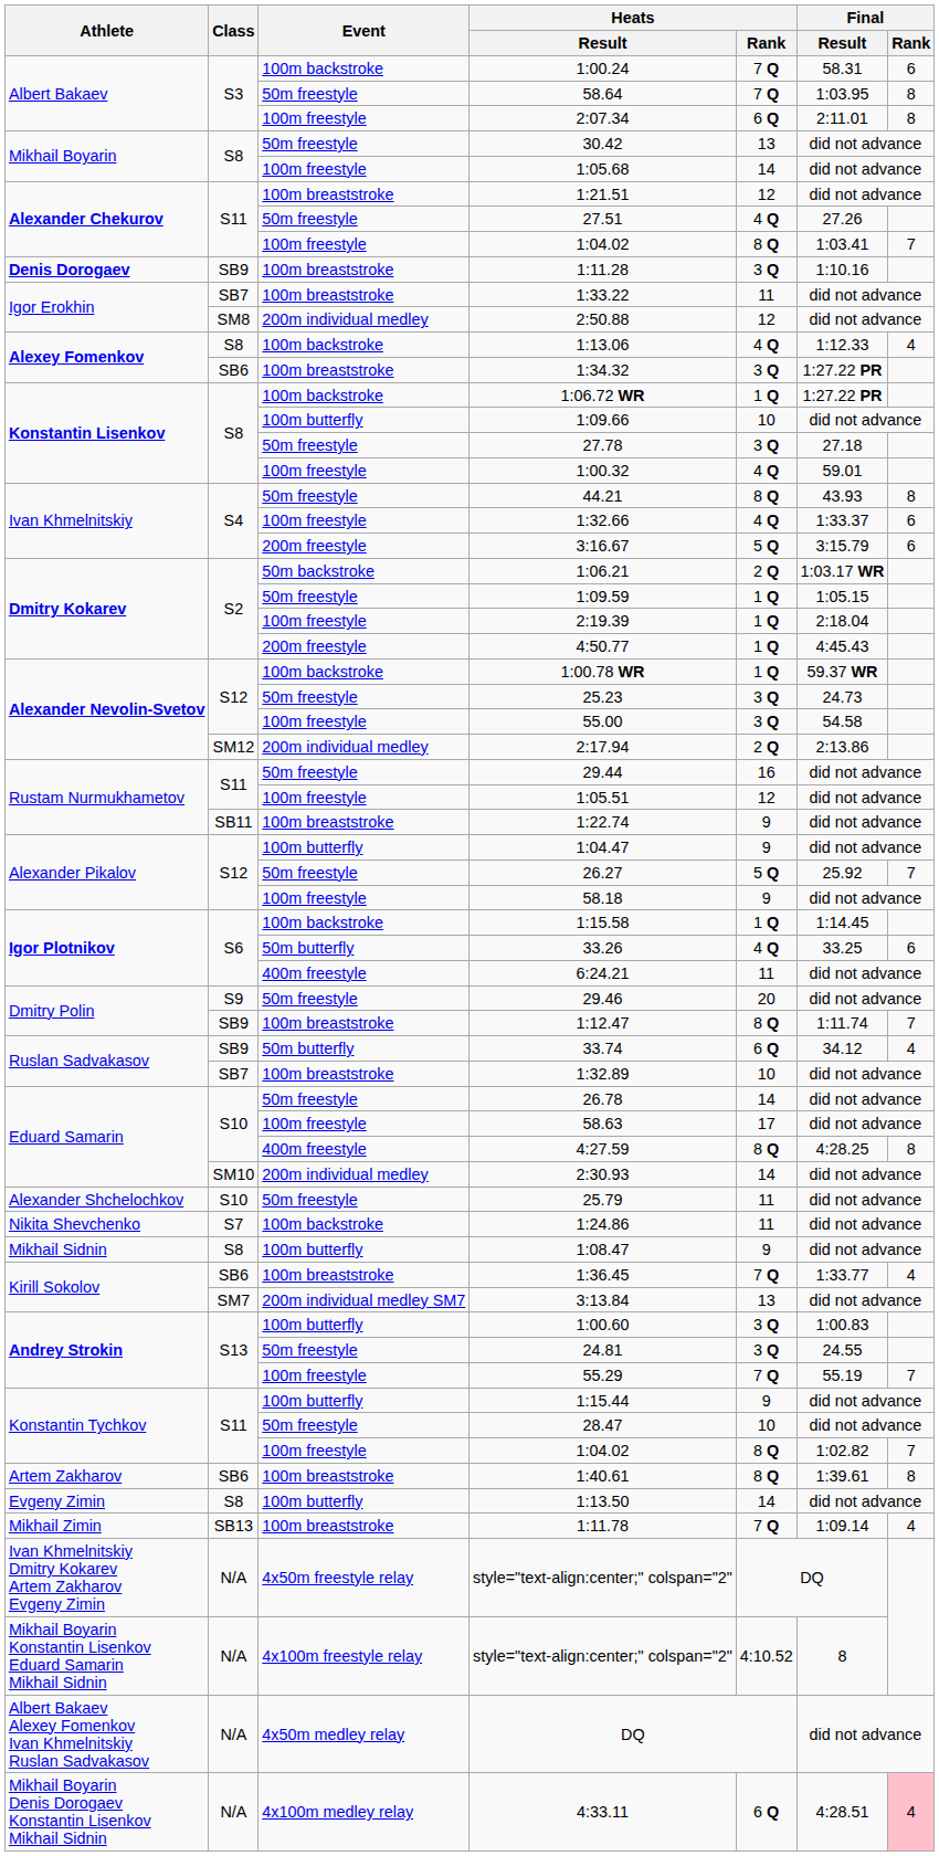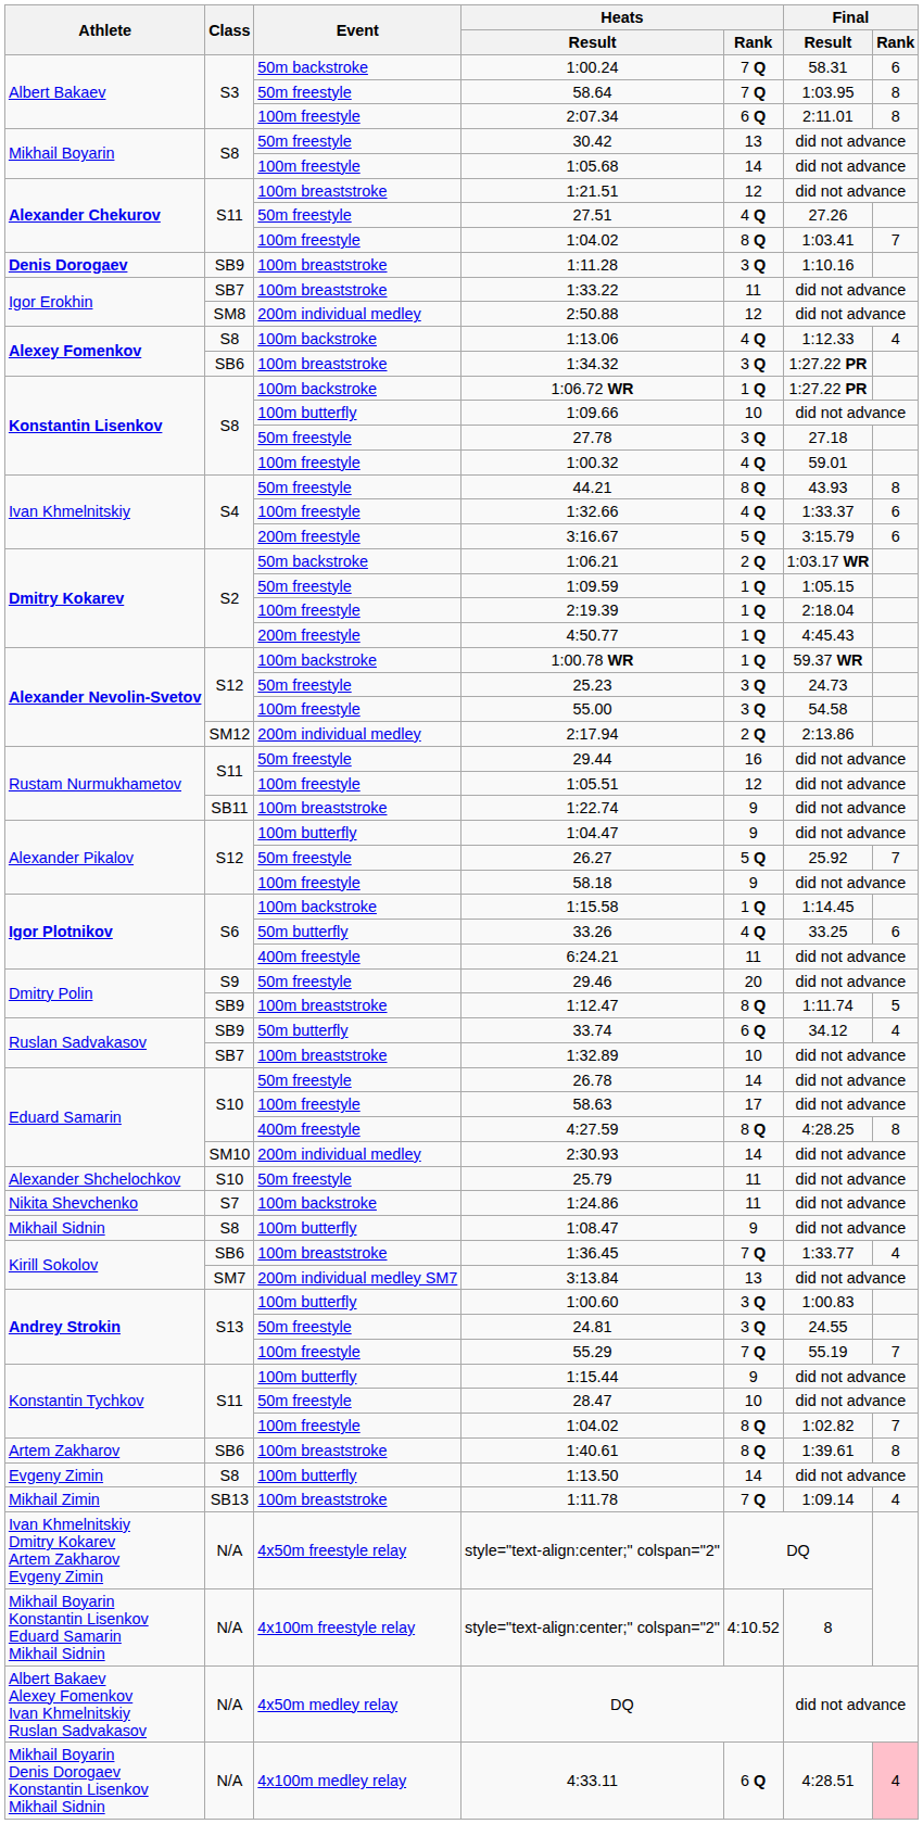 <table class=wikitable style="font-size:90%">
 <tr>
 <th rowspan="2">Athlete</th>
 <th rowspan="2">Class</th>
 <th rowspan="2">Event</th>
 <th colspan="2">Heats</th>
 <th colspan="2">Final</th>
 </tr>
 <tr>
 <th>Result</th>
 <th>Rank</th>
 <th>Result</th>
 <th>Rank</th>
 </tr>
 <tr>
 <td rowspan="3"><a href='#'>Albert Bakaev</a></td>
 <td rowspan="3" style="text-align:center;">S3</td>
-<td><a href='#'>100m backstroke</a></td>
+<td><a href='#'>50m backstroke</a></td>
 <td style="text-align:center;">1:00.24</td>
 <td style="text-align:center;">7 <strong>Q</strong></td>
 <td style="text-align:center;">58.31</td>
 <td style="text-align:center;">6</td>
 </tr>
 <tr>
 <td><a href='#'>50m freestyle</a></td>
 <td style="text-align:center;">58.64</td>
 <td style="text-align:center;">7 <strong>Q</strong></td>
 <td style="text-align:center;">1:03.95</td>
 <td style="text-align:center;">8</td>
 </tr>
 <tr>
 <td><a href='#'>100m freestyle</a></td>
 <td style="text-align:center;">2:07.34</td>
 <td style="text-align:center;">6 <strong>Q</strong></td>
 <td style="text-align:center;">2:11.01</td>
 <td style="text-align:center;">8</td>
 </tr>
 <tr>
 <td rowspan="2"><a href='#'>Mikhail Boyarin</a></td>
 <td rowspan="2" style="text-align:center;">S8</td>
 <td><a href='#'>50m freestyle</a></td>
 <td style="text-align:center;">30.42</td>
 <td style="text-align:center;">13</td>
 <td style="text-align:center;" colspan="2">did not advance</td>
 </tr>
 <tr>
 <td><a href='#'>100m freestyle</a></td>
 <td style="text-align:center;">1:05.68</td>
 <td style="text-align:center;">14</td>
 <td style="text-align:center;" colspan="2">did not advance</td>
 </tr>
 <tr>
 <td rowspan="3"><strong><a href='#'>Alexander Chekurov</a></strong></td>
 <td rowspan="3" style="text-align:center;">S11</td>
 <td><a href='#'>100m breaststroke</a></td>
 <td style="text-align:center;">1:21.51</td>
 <td style="text-align:center;">12</td>
 <td style="text-align:center;" colspan="2">did not advance</td>
 </tr>
 <tr>
 <td><a href='#'>50m freestyle</a></td>
 <td style="text-align:center;">27.51</td>
 <td style="text-align:center;">4 <strong>Q</strong></td>
 <td style="text-align:center;">27.26</td>
 <td style="text-align:center;"></td>
 </tr>
 <tr>
 <td><a href='#'>100m freestyle</a></td>
 <td style="text-align:center;">1:04.02</td>
 <td style="text-align:center;">8 <strong>Q</strong></td>
 <td style="text-align:center;">1:03.41</td>
 <td style="text-align:center;">7</td>
 </tr>
 <tr>
 <td><strong><a href='#'>Denis Dorogaev</a></strong></td>
 <td style="text-align:center;">SB9</td>
 <td><a href='#'>100m breaststroke</a></td>
 <td style="text-align:center;">1:11.28</td>
 <td style="text-align:center;">3 <strong>Q</strong></td>
 <td style="text-align:center;">1:10.16</td>
 <td style="text-align:center;"></td>
 </tr>
 <tr>
 <td rowspan="2"><a href='#'>Igor Erokhin</a></td>
 <td style="text-align:center;">SB7</td>
 <td><a href='#'>100m breaststroke</a></td>
 <td style="text-align:center;">1:33.22</td>
 <td style="text-align:center;">11</td>
 <td style="text-align:center;" colspan="2">did not advance</td>
 </tr>
 <tr>
 <td style="text-align:center;">SM8</td>
 <td><a href='#'>200m individual medley</a></td>
 <td style="text-align:center;">2:50.88</td>
 <td style="text-align:center;">12</td>
 <td style="text-align:center;" colspan="2">did not advance</td>
 </tr>
 <tr>
 <td rowspan="2"><strong><a href='#'>Alexey Fomenkov</a></strong></td>
 <td style="text-align:center;">S8</td>
 <td><a href='#'>100m backstroke</a></td>
 <td style="text-align:center;">1:13.06</td>
 <td style="text-align:center;">4 <strong>Q</strong></td>
 <td style="text-align:center;">1:12.33</td>
 <td style="text-align:center;">4</td>
 </tr>
 <tr>
 <td style="text-align:center;">SB6</td>
 <td><a href='#'>100m breaststroke</a></td>
 <td style="text-align:center;">1:34.32</td>
 <td style="text-align:center;">3 <strong>Q</strong></td>
 <td style="text-align:center;">1:27.22 <strong>PR</strong></td>
 <td style="text-align:center;"></td>
 </tr>
 <tr>
 <td rowspan="4"><strong><a href='#'>Konstantin Lisenkov</a></strong></td>
 <td rowspan="4" style="text-align:center;">S8</td>
 <td><a href='#'>100m backstroke</a></td>
 <td style="text-align:center;">1:06.72 <strong>WR</strong></td>
 <td style="text-align:center;">1 <strong>Q</strong></td>
 <td style="text-align:center;">1:27.22 <strong>PR</strong></td>
 <td style="text-align:center;"></td>
 </tr>
 <tr>
 <td><a href='#'>100m butterfly</a></td>
 <td style="text-align:center;">1:09.66</td>
 <td style="text-align:center;">10</td>
 <td style="text-align:center;" colspan="2">did not advance</td>
 </tr>
 <tr>
 <td><a href='#'>50m freestyle</a></td>
 <td style="text-align:center;">27.78</td>
 <td style="text-align:center;">3 <strong>Q</strong></td>
 <td style="text-align:center;">27.18</td>
 <td style="text-align:center;"></td>
 </tr>
 <tr>
 <td><a href='#'>100m freestyle</a></td>
 <td style="text-align:center;">1:00.32</td>
 <td style="text-align:center;">4 <strong>Q</strong></td>
 <td style="text-align:center;">59.01</td>
 <td style="text-align:center;"></td>
 </tr>
 <tr>
 <td rowspan="3"><a href='#'>Ivan Khmelnitskiy</a></td>
 <td rowspan="3" style="text-align:center;">S4</td>
 <td><a href='#'>50m freestyle</a></td>
 <td style="text-align:center;">44.21</td>
 <td style="text-align:center;">8 <strong>Q</strong></td>
 <td style="text-align:center;">43.93</td>
 <td style="text-align:center;">8</td>
 </tr>
 <tr>
 <td><a href='#'>100m freestyle</a></td>
 <td style="text-align:center;">1:32.66</td>
 <td style="text-align:center;">4 <strong>Q</strong></td>
 <td style="text-align:center;">1:33.37</td>
 <td style="text-align:center;">6</td>
 </tr>
 <tr>
 <td><a href='#'>200m freestyle</a></td>
 <td style="text-align:center;">3:16.67</td>
 <td style="text-align:center;">5 <strong>Q</strong></td>
 <td style="text-align:center;">3:15.79</td>
 <td style="text-align:center;">6</td>
 </tr>
 <tr>
 <td rowspan="4"><strong><a href='#'>Dmitry Kokarev</a></strong></td>
 <td rowspan="4" style="text-align:center;">S2</td>
 <td><a href='#'>50m backstroke</a></td>
 <td style="text-align:center;">1:06.21</td>
 <td style="text-align:center;">2 <strong>Q</strong></td>
 <td style="text-align:center;">1:03.17 <strong>WR</strong></td>
 <td style="text-align:center;"></td>
 </tr>
 <tr>
 <td><a href='#'>50m freestyle</a></td>
 <td style="text-align:center;">1:09.59</td>
 <td style="text-align:center;">1 <strong>Q</strong></td>
 <td style="text-align:center;">1:05.15</td>
 <td style="text-align:center;"></td>
 </tr>
 <tr>
 <td><a href='#'>100m freestyle</a></td>
 <td style="text-align:center;">2:19.39</td>
 <td style="text-align:center;">1 <strong>Q</strong></td>
 <td style="text-align:center;">2:18.04</td>
 <td style="text-align:center;"></td>
 </tr>
 <tr>
 <td><a href='#'>200m freestyle</a></td>
 <td style="text-align:center;">4:50.77</td>
 <td style="text-align:center;">1 <strong>Q</strong></td>
 <td style="text-align:center;">4:45.43</td>
 <td style="text-align:center;"></td>
 </tr>
 <tr>
 <td rowspan="4"><strong><a href='#'>Alexander Nevolin-Svetov</a></strong></td>
 <td rowspan="3" style="text-align:center;">S12</td>
 <td><a href='#'>100m backstroke</a></td>
 <td style="text-align:center;">1:00.78 <strong>WR</strong></td>
 <td style="text-align:center;">1 <strong>Q</strong></td>
 <td style="text-align:center;">59.37 <strong>WR</strong></td>
 <td style="text-align:center;"></td>
 </tr>
 <tr>
 <td><a href='#'>50m freestyle</a></td>
 <td style="text-align:center;">25.23</td>
 <td style="text-align:center;">3 <strong>Q</strong></td>
 <td style="text-align:center;">24.73</td>
 <td style="text-align:center;"></td>
 </tr>
 <tr>
 <td><a href='#'>100m freestyle</a></td>
 <td style="text-align:center;">55.00</td>
 <td style="text-align:center;">3 <strong>Q</strong></td>
 <td style="text-align:center;">54.58</td>
 <td style="text-align:center;"></td>
 </tr>
 <tr>
 <td style="text-align:center;">SM12</td>
 <td><a href='#'>200m individual medley</a></td>
 <td style="text-align:center;">2:17.94</td>
 <td style="text-align:center;">2 <strong>Q</strong></td>
 <td style="text-align:center;">2:13.86</td>
 <td style="text-align:center;"></td>
 </tr>
 <tr>
 <td rowspan="3"><a href='#'>Rustam Nurmukhametov</a></td>
 <td rowspan="2" style="text-align:center;">S11</td>
 <td><a href='#'>50m freestyle</a></td>
 <td style="text-align:center;">29.44</td>
 <td style="text-align:center;">16</td>
 <td style="text-align:center;" colspan="2">did not advance</td>
 </tr>
 <tr>
 <td><a href='#'>100m freestyle</a></td>
 <td style="text-align:center;">1:05.51</td>
 <td style="text-align:center;">12</td>
 <td style="text-align:center;" colspan="2">did not advance</td>
 </tr>
 <tr>
 <td style="text-align:center;">SB11</td>
 <td><a href='#'>100m breaststroke</a></td>
 <td style="text-align:center;">1:22.74</td>
 <td style="text-align:center;">9</td>
 <td style="text-align:center;" colspan="2">did not advance</td>
 </tr>
 <tr>
 <td rowspan="3"><a href='#'>Alexander Pikalov</a></td>
 <td rowspan="3" style="text-align:center;">S12</td>
 <td><a href='#'>100m butterfly</a></td>
 <td style="text-align:center;">1:04.47</td>
 <td style="text-align:center;">9</td>
 <td style="text-align:center;" colspan="2">did not advance</td>
 </tr>
 <tr>
 <td><a href='#'>50m freestyle</a></td>
 <td style="text-align:center;">26.27</td>
 <td style="text-align:center;">5 <strong>Q</strong></td>
 <td style="text-align:center;">25.92</td>
 <td style="text-align:center;">7</td>
 </tr>
 <tr>
 <td><a href='#'>100m freestyle</a></td>
 <td style="text-align:center;">58.18</td>
 <td style="text-align:center;">9</td>
 <td style="text-align:center;" colspan="2">did not advance</td>
 </tr>
 <tr>
 <td rowspan="3"><strong><a href='#'>Igor Plotnikov</a></strong></td>
 <td rowspan="3" style="text-align:center;">S6</td>
 <td><a href='#'>100m backstroke</a></td>
 <td style="text-align:center;">1:15.58</td>
 <td style="text-align:center;">1 <strong>Q</strong></td>
 <td style="text-align:center;">1:14.45</td>
 <td style="text-align:center;"></td>
 </tr>
 <tr>
 <td><a href='#'>50m butterfly</a></td>
 <td style="text-align:center;">33.26</td>
 <td style="text-align:center;">4 <strong>Q</strong></td>
 <td style="text-align:center;">33.25</td>
 <td style="text-align:center;">6</td>
 </tr>
 <tr>
 <td><a href='#'>400m freestyle</a></td>
 <td style="text-align:center;">6:24.21</td>
 <td style="text-align:center;">11</td>
 <td style="text-align:center;" colspan="2">did not advance</td>
 </tr>
 <tr>
 <td rowspan="2"><a href='#'>Dmitry Polin</a></td>
 <td style="text-align:center;">S9</td>
 <td><a href='#'>50m freestyle</a></td>
 <td style="text-align:center;">29.46</td>
 <td style="text-align:center;">20</td>
 <td style="text-align:center;" colspan="2">did not advance</td>
 </tr>
 <tr>
 <td style="text-align:center;">SB9</td>
 <td><a href='#'>100m breaststroke</a></td>
 <td style="text-align:center;">1:12.47</td>
 <td style="text-align:center;">8 <strong>Q</strong></td>
 <td style="text-align:center;">1:11.74</td>
-<td style="text-align:center;">7</td>
+<td style="text-align:center;">5</td>
 </tr>
 <tr>
 <td rowspan="2"><a href='#'>Ruslan Sadvakasov</a></td>
 <td style="text-align:center;">SB9</td>
 <td><a href='#'>50m butterfly</a></td>
 <td style="text-align:center;">33.74</td>
 <td style="text-align:center;">6 <strong>Q</strong></td>
 <td style="text-align:center;">34.12</td>
 <td style="text-align:center;">4</td>
 </tr>
 <tr>
 <td style="text-align:center;">SB7</td>
 <td><a href='#'>100m breaststroke</a></td>
 <td style="text-align:center;">1:32.89</td>
 <td style="text-align:center;">10</td>
 <td style="text-align:center;" colspan="2">did not advance</td>
 </tr>
 <tr>
 <td rowspan="4"><a href='#'>Eduard Samarin</a></td>
 <td rowspan="3" style="text-align:center;">S10</td>
 <td><a href='#'>50m freestyle</a></td>
 <td style="text-align:center;">26.78</td>
 <td style="text-align:center;">14</td>
 <td style="text-align:center;" colspan="2">did not advance</td>
 </tr>
 <tr>
 <td><a href='#'>100m freestyle</a></td>
 <td style="text-align:center;">58.63</td>
 <td style="text-align:center;">17</td>
 <td style="text-align:center;" colspan="2">did not advance</td>
 </tr>
 <tr>
 <td><a href='#'>400m freestyle</a></td>
 <td style="text-align:center;">4:27.59</td>
 <td style="text-align:center;">8 <strong>Q</strong></td>
 <td style="text-align:center;">4:28.25</td>
 <td style="text-align:center;">8</td>
 </tr>
 <tr>
 <td style="text-align:center;">SM10</td>
 <td><a href='#'>200m individual medley</a></td>
 <td style="text-align:center;">2:30.93</td>
 <td style="text-align:center;">14</td>
 <td style="text-align:center;" colspan="2">did not advance</td>
 </tr>
 <tr>
 <td><a href='#'>Alexander Shchelochkov</a></td>
 <td style="text-align:center;">S10</td>
 <td><a href='#'>50m freestyle</a></td>
 <td style="text-align:center;">25.79</td>
 <td style="text-align:center;">11</td>
 <td style="text-align:center;" colspan="2">did not advance</td>
 </tr>
 <tr>
 <td><a href='#'>Nikita Shevchenko</a></td>
 <td style="text-align:center;">S7</td>
 <td><a href='#'>100m backstroke</a></td>
 <td style="text-align:center;">1:24.86</td>
 <td style="text-align:center;">11</td>
 <td style="text-align:center;" colspan="2">did not advance</td>
 </tr>
 <tr>
 <td><a href='#'>Mikhail Sidnin</a></td>
 <td style="text-align:center;">S8</td>
 <td><a href='#'>100m butterfly</a></td>
 <td style="text-align:center;">1:08.47</td>
 <td style="text-align:center;">9</td>
 <td style="text-align:center;" colspan="2">did not advance</td>
 </tr>
 <tr>
 <td rowspan="2"><a href='#'>Kirill Sokolov</a></td>
 <td style="text-align:center;">SB6</td>
 <td><a href='#'>100m breaststroke</a></td>
 <td style="text-align:center;">1:36.45</td>
 <td style="text-align:center;">7 <strong>Q</strong></td>
 <td style="text-align:center;">1:33.77</td>
 <td style="text-align:center;">4</td>
 </tr>
 <tr>
 <td style="text-align:center;">SM7</td>
 <td><a href='#'>200m individual medley SM7</a></td>
 <td style="text-align:center;">3:13.84</td>
 <td style="text-align:center;">13</td>
 <td style="text-align:center;" colspan="2">did not advance</td>
 </tr>
 <tr>
 <td rowspan="3"><strong><a href='#'>Andrey Strokin</a></strong></td>
 <td rowspan="3" style="text-align:center;">S13</td>
 <td><a href='#'>100m butterfly</a></td>
 <td style="text-align:center;">1:00.60</td>
 <td style="text-align:center;">3 <strong>Q</strong></td>
 <td style="text-align:center;">1:00.83</td>
 <td style="text-align:center;"></td>
 </tr>
 <tr>
 <td><a href='#'>50m freestyle</a></td>
 <td style="text-align:center;">24.81</td>
 <td style="text-align:center;">3 <strong>Q</strong></td>
 <td style="text-align:center;">24.55</td>
 <td style="text-align:center;"></td>
 </tr>
 <tr>
 <td><a href='#'>100m freestyle</a></td>
 <td style="text-align:center;">55.29</td>
 <td style="text-align:center;">7 <strong>Q</strong></td>
 <td style="text-align:center;">55.19</td>
 <td style="text-align:center;">7</td>
 </tr>
 <tr>
 <td rowspan="3"><a href='#'>Konstantin Tychkov</a></td>
 <td rowspan="3" style="text-align:center;">S11</td>
 <td><a href='#'>100m butterfly</a></td>
 <td style="text-align:center;">1:15.44</td>
 <td style="text-align:center;">9</td>
 <td style="text-align:center;" colspan="2">did not advance</td>
 </tr>
 <tr>
 <td><a href='#'>50m freestyle</a></td>
 <td style="text-align:center;">28.47</td>
 <td style="text-align:center;">10</td>
 <td style="text-align:center;" colspan="2">did not advance</td>
 </tr>
 <tr>
 <td><a href='#'>100m freestyle</a></td>
 <td style="text-align:center;">1:04.02</td>
 <td style="text-align:center;">8 <strong>Q</strong></td>
 <td style="text-align:center;">1:02.82</td>
 <td style="text-align:center;">7</td>
 </tr>
 <tr>
 <td><a href='#'>Artem Zakharov</a></td>
 <td style="text-align:center;">SB6</td>
 <td><a href='#'>100m breaststroke</a></td>
 <td style="text-align:center;">1:40.61</td>
 <td style="text-align:center;">8 <strong>Q</strong></td>
 <td style="text-align:center;">1:39.61</td>
 <td style="text-align:center;">8</td>
 </tr>
 <tr>
 <td><a href='#'>Evgeny Zimin</a></td>
 <td style="text-align:center;">S8</td>
 <td><a href='#'>100m butterfly</a></td>
 <td style="text-align:center;">1:13.50</td>
 <td style="text-align:center;">14</td>
 <td style="text-align:center;" colspan="2">did not advance</td>
 </tr>
 <tr>
 <td><a href='#'>Mikhail Zimin</a></td>
 <td style="text-align:center;">SB13</td>
 <td><a href='#'>100m breaststroke</a></td>
 <td style="text-align:center;">1:11.78</td>
 <td style="text-align:center;">7 <strong>Q</strong></td>
 <td style="text-align:center;">1:09.14</td>
 <td style="text-align:center;">4</td>
 </tr>
 <tr>
 <td><a href='#'>Ivan Khmelnitskiy</a><br> <a href='#'>Dmitry Kokarev</a><br> <a href='#'>Artem Zakharov</a><br> <a href='#'>Evgeny Zimin</a></td>
 <td style="text-align:center;">N/A</td>
 <td><a href='#'>4x50m freestyle relay</a></td>
 <td>style="text-align:center;" colspan="2" </td>
 <td style="text-align:center;" colspan="2">DQ</td>
 </tr>
 <tr>
 <td><a href='#'>Mikhail Boyarin</a><br> <a href='#'>Konstantin Lisenkov</a><br> <a href='#'>Eduard Samarin</a><br> <a href='#'>Mikhail Sidnin</a></td>
 <td style="text-align:center;">N/A</td>
 <td><a href='#'>4x100m freestyle relay</a></td>
 <td>style="text-align:center;" colspan="2" </td>
 <td style="text-align:center;">4:10.52</td>
 <td style="text-align:center;">8</td>
 </tr>
 <tr>
 <td><a href='#'>Albert Bakaev</a><br> <a href='#'>Alexey Fomenkov</a><br> <a href='#'>Ivan Khmelnitskiy</a><br> <a href='#'>Ruslan Sadvakasov</a></td>
 <td style="text-align:center;">N/A</td>
 <td><a href='#'>4x50m medley relay</a></td>
 <td style="text-align:center;" colspan="2">DQ</td>
 <td style="text-align:center;" colspan="2">did not advance</td>
 </tr>
 <tr>
 <td><a href='#'>Mikhail Boyarin</a><br> <a href='#'>Denis Dorogaev</a><br> <a href='#'>Konstantin Lisenkov</a><br> <a href='#'>Mikhail Sidnin</a></td>
 <td style="text-align:center;">N/A</td>
 <td><a href='#'>4x100m medley relay</a></td>
 <td style="text-align:center;">4:33.11</td>
 <td style="text-align:center;">6 <strong>Q</strong></td>
 <td style="text-align:center;">4:28.51</td>
 <td style="background: pink; text-align:center;">4</td>
 </tr>
 </table>
